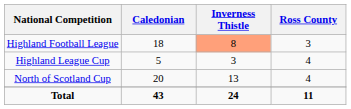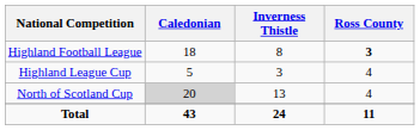 <table class="wikitable" style="text-align:center;font-size:95%">
 <tr>
 <th>National Competition</th>
 <th width="100"><a href='#'>Caledonian</a></th>
 <th width="100"><a href='#'>Inverness Thistle</a></th>
 <th width="100"><a href='#'>Ross County</a></th>
 </tr>
 <tr>
 <td><a href='#'>Highland Football League</a></td>
 <td>18</td>
-<td style="background: lightsalmon;">8</td>
-<td>3</td>
+<td>8</td>
+<td><strong>3</strong></td>
 </tr>
 <tr>
 <td><a href='#'>Highland League Cup</a></td>
 <td>5</td>
 <td>3</td>
 <td>4</td>
 </tr>
 <tr>
 <td><a href='#'>North of Scotland Cup</a></td>
-<td>20</td>
+<td style="background: lightgrey;">20</td>
 <td>13</td>
 <td>4</td>
 </tr>
 <tr>
 </tr>
 <tr>
 <td><strong>Total</strong></td>
 <td><strong>43</strong></td>
 <td><strong>24</strong></td>
 <td><strong>11</strong></td>
 </tr>
 </table>
